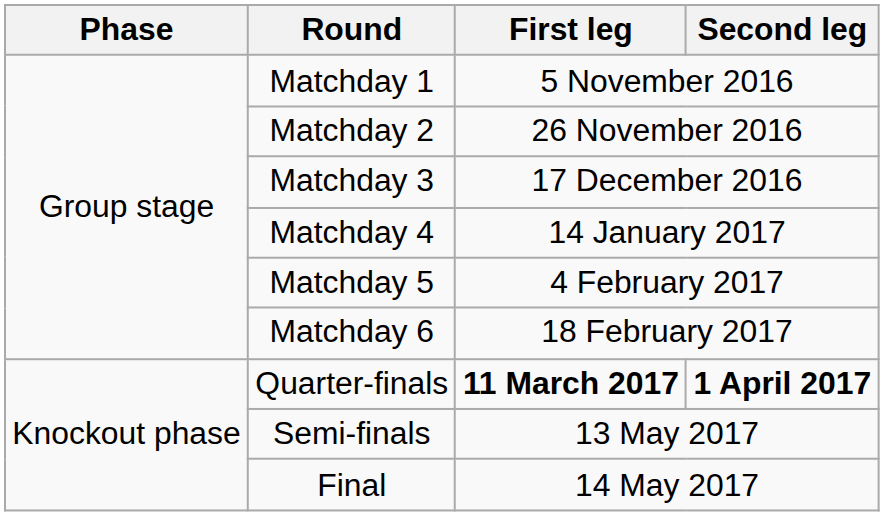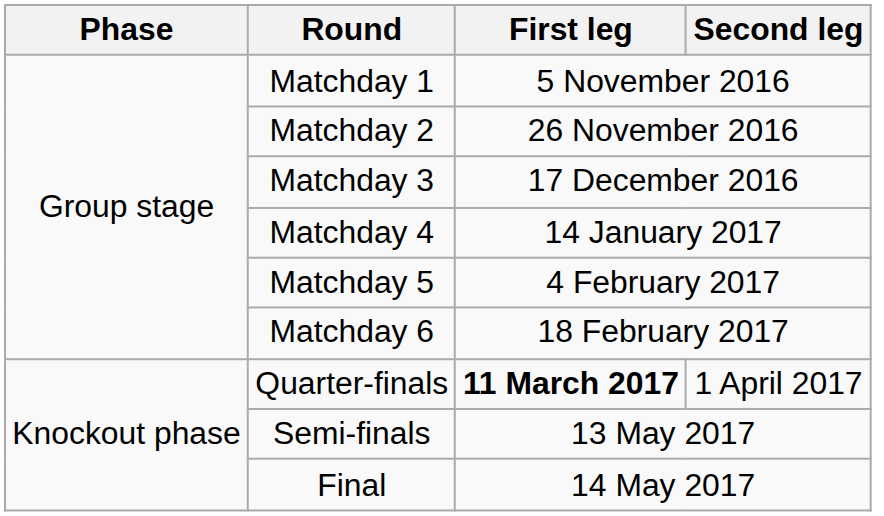 <table class="wikitable" style="text-align:center">
 <tr>
 <th>Phase</th>
 <th>Round</th>
 <th>First leg</th>
 <th>Second leg</th>
 </tr>
 <tr>
 <td rowspan=6>Group stage</td>
 <td>Matchday 1</td>
 <td colspan=2>5 November 2016</td>
 </tr>
 <tr>
 <td>Matchday 2</td>
 <td colspan=2>26 November 2016</td>
 </tr>
 <tr>
 <td>Matchday 3</td>
 <td colspan=2>17 December 2016</td>
 </tr>
 <tr>
 <td>Matchday 4</td>
 <td colspan=2>14 January 2017</td>
 </tr>
 <tr>
 <td>Matchday 5</td>
 <td colspan=2>4 February 2017</td>
 </tr>
 <tr>
 <td>Matchday 6</td>
 <td colspan=2>18 February 2017</td>
 </tr>
 <tr>
 <td rowspan=3>Knockout phase</td>
 <td>Quarter-finals</td>
 <td><strong>11 March 2017</strong></td>
-<td><strong>1 April 2017</strong></td>
+<td>1 April 2017</td>
 </tr>
 <tr>
 <td>Semi-finals</td>
 <td colspan=2>13 May 2017</td>
 </tr>
 <tr>
 <td>Final</td>
 <td colspan=2>14 May 2017</td>
 </tr>
 </table>
